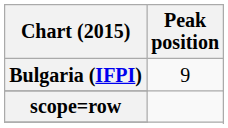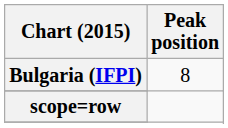 <table class="wikitable sortable plainrowheaders">
 <tr>
 <th>Chart (2015)</th>
 <th>Peak<br>position</th>
 </tr>
 <tr>
 <th scope="row">Bulgaria (<a href='#'>IFPI</a>)</th>
-<td style="text-align:center;">9</td>
+<td style="text-align:center;">8</td>
 </tr>
 <tr>
 </tr>
 <tr>
 </tr>
 <tr>
 </tr>
 <tr>
 </tr>
 <tr>
 <th>scope=row</th>
 </tr>
 <tr>
 </tr>
 </table>
